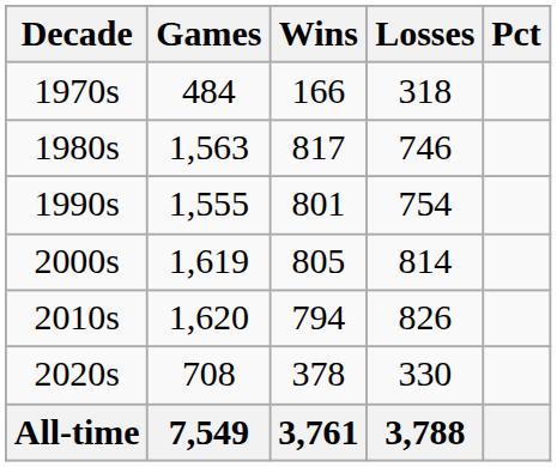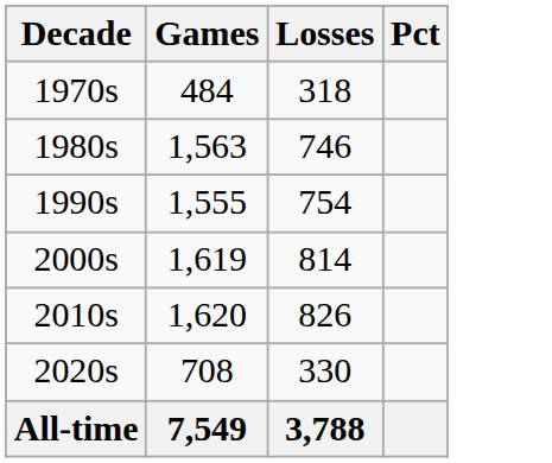 <table class="wikitable" style="text-align:center">
 <tr>
 <th style="text-align:center; ">Decade</th>
 <th style="text-align:center; ">Games</th>
-<th style="text-align:center; ">Wins</th>
 <th style="text-align:center; ">Losses</th>
 <th style="text-align:center; ">Pct</th>
 </tr>
 <tr>
 <td>1970s</td>
 <td>484</td>
-<td>166</td>
 <td>318</td>
 <td></td>
 </tr>
 <tr>
 <td>1980s</td>
 <td>1,563</td>
-<td>817</td>
 <td>746</td>
 <td></td>
 </tr>
 <tr>
 <td>1990s</td>
 <td>1,555</td>
-<td>801</td>
 <td>754</td>
 <td></td>
 </tr>
 <tr>
 <td>2000s</td>
 <td>1,619</td>
-<td>805</td>
 <td>814</td>
 <td></td>
 </tr>
 <tr>
 <td>2010s</td>
 <td>1,620</td>
-<td>794</td>
 <td>826</td>
 <td></td>
 </tr>
 <tr>
 <td>2020s</td>
 <td>708</td>
-<td>378</td>
 <td>330</td>
 <td></td>
 </tr>
 <tr style="background:#f0f0f0; font-weight:bold">
 <th style="text-align:center; ">All-time</th>
 <th style="text-align:center; ">7,549</th>
-<th style="text-align:center; ">3,761</th>
 <th style="text-align:center; ">3,788</th>
 <th style="text-align:center; "></th>
 </tr>
 </table>
